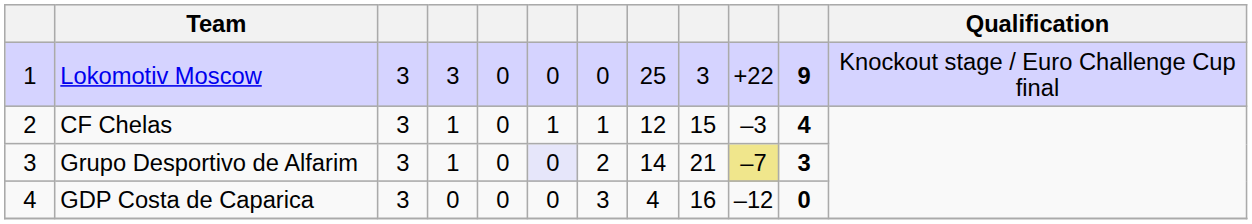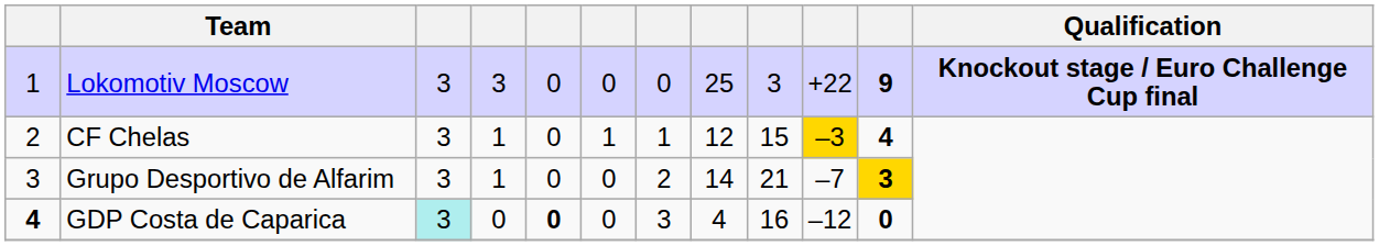 <table class="wikitable" style="font-size: 95%">
 <tr>
 <th width="25"></th>
 <th width="200">Team</th>
 <th width="25"></th>
 <th width="25"></th>
 <th width="25"></th>
 <th width="25"></th>
 <th width="25"></th>
 <th width="25"></th>
 <th width="25"></th>
 <th width="25"></th>
 <th width="25"></th>
 <th width="260">Qualification</th>
 </tr>
 <tr align=center bgcolor=#d5d3ff>
 <td>1</td>
 <td align=left> <a href='#'>Lokomotiv Moscow</a></td>
 <td>3</td>
 <td>3</td>
 <td>0</td>
 <td>0</td>
 <td>0</td>
 <td>25</td>
 <td>3</td>
 <td>+22</td>
 <td><strong>9</strong></td>
-<td>Knockout stage / Euro Challenge Cup final</td>
+<td><strong>Knockout stage / Euro Challenge Cup final</strong></td>
 </tr>
 <tr align=center>
 <td>2</td>
 <td align=left> CF Chelas</td>
 <td>3</td>
 <td>1</td>
 <td>0</td>
 <td>1</td>
 <td>1</td>
 <td>12</td>
 <td>15</td>
-<td>–3</td>
+<td style="background: gold;">–3</td>
 <td><strong>4</strong></td>
 <td rowspan=3></td>
 </tr>
 <tr align=center>
 <td>3</td>
 <td align=left> Grupo Desportivo de Alfarim</td>
 <td>3</td>
 <td>1</td>
 <td>0</td>
-<td style="background: lavender;">0</td>
+<td>0</td>
 <td>2</td>
 <td>14</td>
 <td>21</td>
-<td style="background: khaki;">–7</td>
-<td><strong>3</strong></td>
+<td>–7</td>
+<td style="background: gold;"><strong>3</strong></td>
 </tr>
 <tr align=center>
-<td>4</td>
+<td><strong>4</strong></td>
 <td align=left> GDP Costa de Caparica</td>
-<td>3</td>
+<td style="background: paleturquoise;">3</td>
 <td>0</td>
-<td>0</td>
+<td><strong>0</strong></td>
 <td>0</td>
 <td>3</td>
 <td>4</td>
 <td>16</td>
 <td>–12</td>
 <td><strong>0</strong></td>
 </tr>
 <tr align=center>
 </tr>
 </table>
